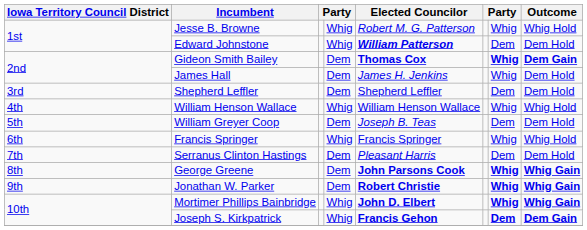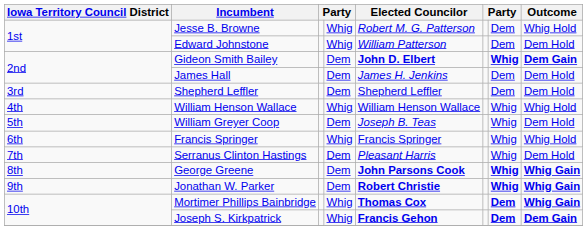 <table class="sortable wikitable" style="font-size:95%;line-height:14px;">
 <tr>
 <th class="sortable"><a href='#'>Iowa Territory Council</a> District</th>
 <th class="sortable"><a href='#'>Incumbent</a></th>
 <th colspan="2">Party</th>
 <th class="sortable">Elected Councilor</th>
 <th colspan="2">Party</th>
 <th class="sortable">Outcome</th>
 </tr>
 <tr>
 <td rowspan="2"><a href='#'>1st</a></td>
 <td><a href='#'>Jesse B. Browne</a></td>
 <td style="background:"></td>
 <td><a href='#'>Whig</a></td>
 <td><em><a href='#'>Robert M. G. Patterson</a></em></td>
 <td style="background:"></td>
-<td><a href='#'>Whig</a></td>
+<td><a href='#'>Dem</a></td>
 <td><a href='#'>Whig Hold</a></td>
 </tr>
 <tr>
 <td><a href='#'>Edward Johnstone</a></td>
 <td style="background:"></td>
 <td><a href='#'>Whig</a></td>
-<td><strong><em><a href='#'>William Patterson</a></em></strong></td>
+<td><em><a href='#'>William Patterson</a></em></td>
 <td style="background:"></td>
 <td><a href='#'>Dem</a></td>
 <td><a href='#'>Dem Hold</a></td>
 </tr>
 <tr>
 <td rowspan="2"><a href='#'>2nd</a></td>
 <td><a href='#'>Gideon Smith Bailey</a></td>
 <td style="background:"></td>
 <td><a href='#'>Dem</a></td>
-<td><strong><a href='#'>Thomas Cox</a></strong></td>
+<td><strong><a href='#'>John D. Elbert</a></strong></td>
 <td style="background:"></td>
 <td><strong><a href='#'>Whig</a></strong></td>
 <td><strong><a href='#'>Dem Gain</a></strong></td>
 </tr>
 <tr>
 <td><a href='#'>James Hall</a></td>
 <td style="background:"></td>
 <td><a href='#'>Dem</a></td>
 <td><em><a href='#'>James H. Jenkins</a></em></td>
 <td style="background:"></td>
-<td><a href='#'>Whig</a></td>
+<td><a href='#'>Dem</a></td>
 <td><a href='#'>Dem Hold</a></td>
 </tr>
 <tr>
 <td><a href='#'>3rd</a></td>
 <td><a href='#'>Shepherd Leffler</a></td>
 <td style="background:"></td>
 <td><a href='#'>Dem</a></td>
 <td><a href='#'>Shepherd Leffler</a></td>
 <td style="background:"></td>
 <td><a href='#'>Dem</a></td>
 <td><a href='#'>Dem Hold</a></td>
 </tr>
 <tr>
 <td><a href='#'>4th</a></td>
 <td><a href='#'>William Henson Wallace</a></td>
 <td style="background:"></td>
 <td><a href='#'>Whig</a></td>
 <td><a href='#'>William Henson Wallace</a></td>
 <td style="background:"></td>
 <td><a href='#'>Whig</a></td>
 <td><a href='#'>Whig Hold</a></td>
 </tr>
 <tr>
 <td><a href='#'>5th</a></td>
 <td><a href='#'>William Greyer Coop</a></td>
 <td style="background:"></td>
 <td><a href='#'>Dem</a></td>
 <td><em><a href='#'>Joseph B. Teas</a></em></td>
 <td style="background:"></td>
-<td><a href='#'>Dem</a></td>
+<td><a href='#'>Whig</a></td>
 <td><a href='#'>Dem Hold</a></td>
 </tr>
 <tr>
 <td><a href='#'>6th</a></td>
 <td><a href='#'>Francis Springer</a></td>
 <td style="background:"></td>
 <td><a href='#'>Whig</a></td>
 <td><a href='#'>Francis Springer</a></td>
 <td style="background:"></td>
 <td><a href='#'>Whig</a></td>
 <td><a href='#'>Whig Hold</a></td>
 </tr>
 <tr>
 <td><a href='#'>7th</a></td>
 <td><a href='#'>Serranus Clinton Hastings</a></td>
 <td style="background:"></td>
 <td><a href='#'>Dem</a></td>
 <td><em><a href='#'>Pleasant Harris</a></em></td>
 <td style="background:"></td>
-<td><a href='#'>Dem</a></td>
+<td><a href='#'>Whig</a></td>
 <td><a href='#'>Dem Hold</a></td>
 </tr>
 <tr>
 <td><a href='#'>8th</a></td>
 <td><a href='#'>George Greene</a></td>
 <td style="background:"></td>
 <td><a href='#'>Dem</a></td>
 <td><strong><a href='#'>John Parsons Cook</a></strong></td>
 <td style="background:"></td>
 <td><strong><a href='#'>Whig</a></strong></td>
 <td><strong><a href='#'>Whig Gain</a></strong></td>
 </tr>
 <tr>
 <td><a href='#'>9th</a></td>
 <td><a href='#'>Jonathan W. Parker</a></td>
 <td style="background:"></td>
 <td><a href='#'>Dem</a></td>
 <td><strong><a href='#'>Robert Christie</a></strong></td>
 <td style="background:"></td>
 <td><strong><a href='#'>Whig</a></strong></td>
 <td><strong><a href='#'>Whig Gain</a></strong></td>
 </tr>
 <tr>
 <td rowspan="2"><a href='#'>10th</a></td>
 <td><a href='#'>Mortimer Phillips Bainbridge</a></td>
 <td style="background:"></td>
 <td><a href='#'>Whig</a></td>
-<td><strong><a href='#'>John D. Elbert</a></strong></td>
+<td><strong><a href='#'>Thomas Cox</a></strong></td>
 <td style="background:"></td>
-<td><strong><a href='#'>Whig</a></strong></td>
+<td><strong><a href='#'>Dem</a></strong></td>
 <td><strong><a href='#'>Whig Gain</a></strong></td>
 </tr>
 <tr>
 <td><a href='#'>Joseph S. Kirkpatrick</a></td>
 <td style="background:"></td>
 <td><a href='#'>Whig</a></td>
 <td><strong><a href='#'>Francis Gehon</a></strong></td>
 <td style="background:"></td>
 <td><strong><a href='#'>Dem</a></strong></td>
 <td><strong><a href='#'>Dem Gain</a></strong></td>
 </tr>
 <tr>
 </tr>
 </table>
